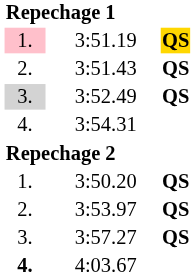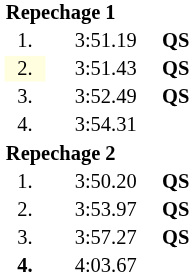 <table style="text-align:center">
 <tr>
 <td colspan=4 align=left><strong>Repechage 1</strong></td>
 </tr>
 <tr>
-<td width=30 style="background: pink;">1.</td>
+<td width=30>1.</td>
 <td align=left></td>
 <td width=80>3:51.19</td>
-<td style="background: gold;"><strong>QS</strong></td>
+<td><strong>QS</strong></td>
 </tr>
 <tr>
-<td>2.</td>
+<td style="background: lightyellow;">2.</td>
 <td align=left></td>
 <td>3:51.43</td>
 <td><strong>QS</strong></td>
 </tr>
 <tr>
-<td style="background: lightgrey;">3.</td>
+<td>3.</td>
 <td align=left></td>
 <td>3:52.49</td>
 <td><strong>QS</strong></td>
 </tr>
 <tr>
 <td>4.</td>
 <td align=left></td>
 <td>3:54.31</td>
 <td></td>
 </tr>
 <tr>
 <td colspan=4 align=left><strong>Repechage 2</strong></td>
 </tr>
 <tr>
 <td>1.</td>
 <td align=left></td>
 <td>3:50.20</td>
 <td><strong>QS</strong></td>
 </tr>
 <tr>
 <td>2.</td>
 <td align=left></td>
 <td>3:53.97</td>
 <td><strong>QS</strong></td>
 </tr>
 <tr>
 <td>3.</td>
 <td align=left></td>
 <td>3:57.27</td>
 <td><strong>QS</strong></td>
 </tr>
 <tr>
 <td><strong>4.</strong></td>
 <td align=left></td>
 <td>4:03.67</td>
 <td></td>
 </tr>
 </table>
